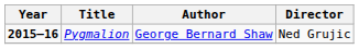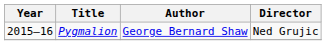 <table class="wikitable">
 <tr>
 <th>Year</th>
 <th>Title</th>
 <th>Author</th>
 <th>Director</th>
 </tr>
 <tr>
-<td><strong>2015–16</strong></td>
+<td>2015–16</td>
 <td><em><a href='#'>Pygmalion</a></em></td>
 <td><a href='#'>George Bernard Shaw</a></td>
 <td>Ned Grujic</td>
 </tr>
 <tr>
 </tr>
 </table>
